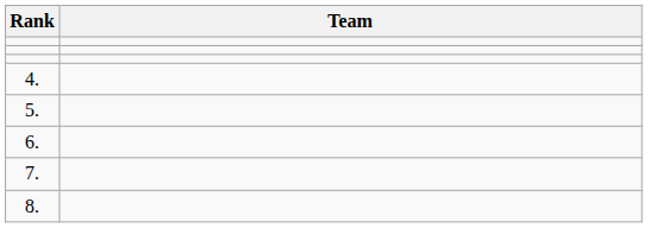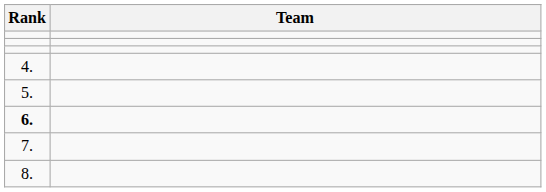 <table class="wikitable" style="font-size:95%;">
 <tr>
 <th>Rank</th>
 <th align="left" style="width: 30em">Team</th>
 </tr>
 <tr>
 <td align="center"></td>
 <td></td>
 </tr>
 <tr>
 <td align="center"></td>
 <td></td>
 </tr>
 <tr>
 <td align="center"></td>
 <td></td>
 </tr>
 <tr>
 <td rowspan=1 align="center">4.</td>
 <td></td>
 </tr>
 <tr>
 <td rowspan=1 align="center">5.</td>
 <td></td>
 </tr>
 <tr>
-<td rowspan=1 align="center">6.</td>
+<td rowspan=1 align="center"><strong>6.</strong></td>
 <td></td>
 </tr>
 <tr>
 <td rowspan=1 align="center">7.</td>
 <td></td>
 </tr>
 <tr>
 <td rowspan=1 align="center">8.</td>
 <td></td>
 </tr>
 </table>
